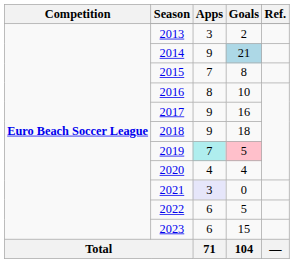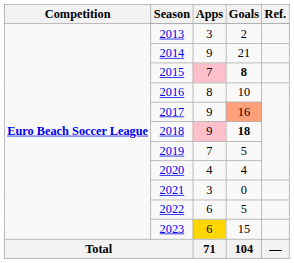 <table class="wikitable" style="text-align:center;">
 <tr>
 <th>Competition</th>
 <th>Season</th>
 <th>Apps</th>
 <th>Goals</th>
 <th>Ref.</th>
 </tr>
 <tr>
 <td rowspan="12"><strong><a href='#'>Euro Beach Soccer League</a></strong></td>
 </tr>
 <tr>
 <td><a href='#'>2013</a></td>
 <td>3</td>
 <td>2</td>
 <td></td>
 </tr>
 <tr>
 <td><a href='#'>2014</a></td>
 <td>9</td>
-<td style="background: lightblue;">21</td>
+<td>21</td>
 <td></td>
 </tr>
 <tr>
 <td><a href='#'>2015</a></td>
-<td>7</td>
-<td>8</td>
+<td style="background: pink;">7</td>
+<td><strong>8</strong></td>
 <td></td>
 </tr>
 <tr>
 <td><a href='#'>2016</a></td>
 <td>8</td>
 <td>10</td>
 <td rowspan=5></td>
 </tr>
 <tr>
 <td><a href='#'>2017</a></td>
 <td>9</td>
-<td>16</td>
+<td style="background: lightsalmon;">16</td>
 </tr>
 <tr>
 <td><a href='#'>2018</a></td>
-<td>9</td>
-<td>18</td>
+<td style="background: pink;">9</td>
+<td><strong>18</strong></td>
 </tr>
 <tr>
 <td><a href='#'>2019</a></td>
-<td style="background: paleturquoise;">7</td>
-<td style="background: pink;">5</td>
+<td>7</td>
+<td>5</td>
 </tr>
 <tr>
 <td><a href='#'>2020</a></td>
 <td>4</td>
 <td>4</td>
 </tr>
 <tr>
 <td><a href='#'>2021</a></td>
-<td style="background: lavender;">3</td>
+<td>3</td>
 <td>0</td>
 <td></td>
 </tr>
 <tr>
 <td><a href='#'>2022</a></td>
 <td>6</td>
 <td>5</td>
 <td></td>
 </tr>
 <tr>
 <td><a href='#'>2023</a></td>
-<td>6</td>
+<td style="background: gold;">6</td>
 <td>15</td>
 <td></td>
 </tr>
 <tr>
 <th colspan=2>Total</th>
 <th>71</th>
 <th>104</th>
 <th>—</th>
 </tr>
 </table>
